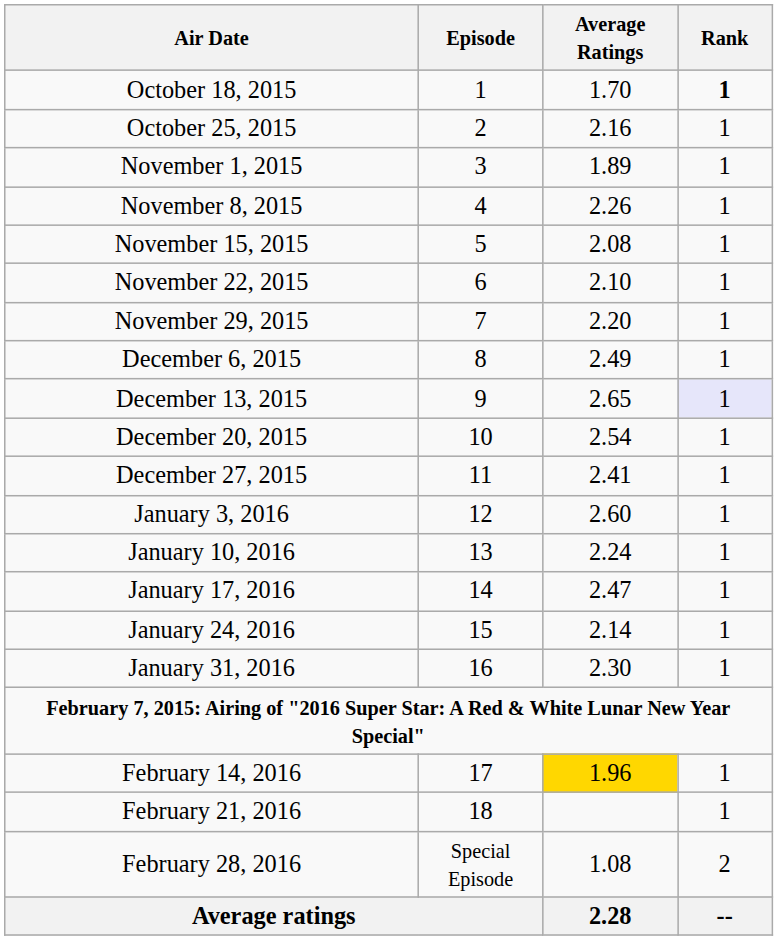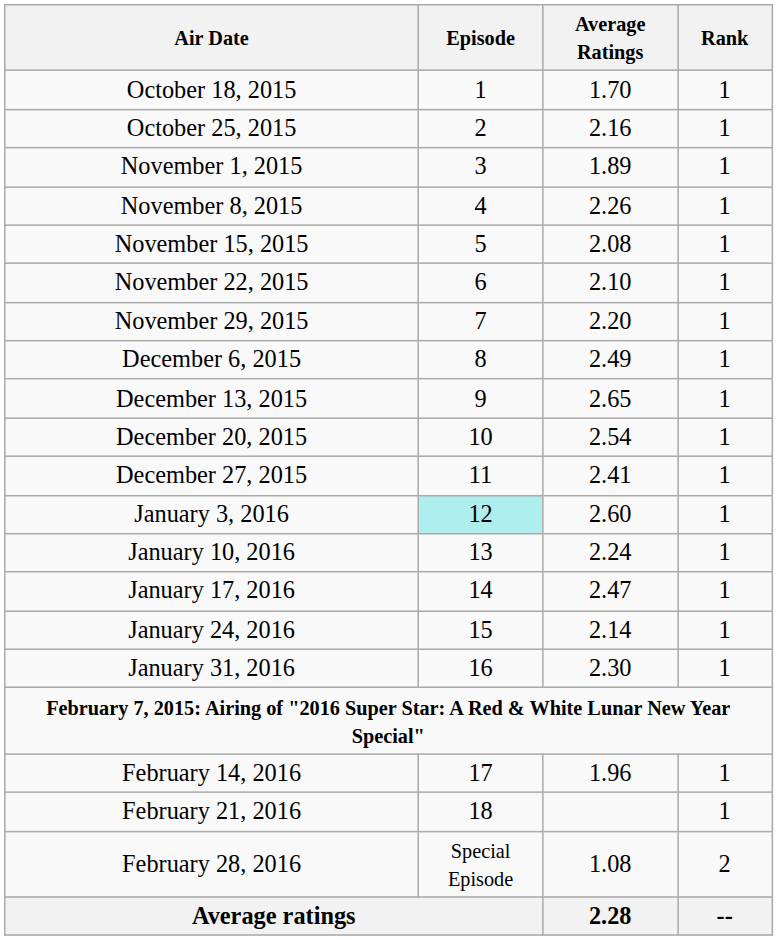 <table class="wikitable" style="text-align:center; width:40%;">
 <tr>
 <th width="25%"><small>Air Date</small></th>
 <th width="5%"><small>Episode</small></th>
 <th width="6%"><small>Average Ratings</small></th>
 <th width="4%"><small>Rank</small></th>
 </tr>
 <tr>
 <td>October 18, 2015</td>
 <td>1</td>
 <td>1.70</td>
-<td><strong>1</strong></td>
+<td>1</td>
 </tr>
 <tr>
 <td>October 25, 2015</td>
 <td>2</td>
 <td>2.16</td>
 <td>1</td>
 </tr>
 <tr>
 <td>November 1, 2015</td>
 <td>3</td>
 <td>1.89</td>
 <td>1</td>
 </tr>
 <tr>
 <td>November 8, 2015</td>
 <td>4</td>
 <td>2.26</td>
 <td>1</td>
 </tr>
 <tr>
 <td>November 15, 2015</td>
 <td>5</td>
 <td>2.08</td>
 <td>1</td>
 </tr>
 <tr>
 <td>November 22, 2015</td>
 <td>6</td>
 <td>2.10</td>
 <td>1</td>
 </tr>
 <tr>
 <td>November 29, 2015</td>
 <td>7</td>
 <td>2.20</td>
 <td>1</td>
 </tr>
 <tr>
 <td>December 6, 2015</td>
 <td>8</td>
 <td>2.49</td>
 <td>1</td>
 </tr>
 <tr>
 <td>December 13, 2015</td>
 <td>9</td>
 <td>2.65</td>
-<td style="background: lavender;">1</td>
+<td>1</td>
 </tr>
 <tr>
 <td>December 20, 2015</td>
 <td>10</td>
 <td>2.54</td>
 <td>1</td>
 </tr>
 <tr>
 <td>December 27, 2015</td>
 <td>11</td>
 <td>2.41</td>
 <td>1</td>
 </tr>
 <tr>
 <td>January 3, 2016</td>
-<td>12</td>
+<td style="background: paleturquoise;">12</td>
 <td>2.60</td>
 <td>1</td>
 </tr>
 <tr>
 <td>January 10, 2016</td>
 <td>13</td>
 <td>2.24</td>
 <td>1</td>
 </tr>
 <tr>
 <td>January 17, 2016</td>
 <td>14</td>
 <td>2.47</td>
 <td>1</td>
 </tr>
 <tr>
 <td>January 24, 2016</td>
 <td>15</td>
 <td>2.14</td>
 <td>1</td>
 </tr>
 <tr>
 <td>January 31, 2016</td>
 <td>16</td>
 <td>2.30</td>
 <td>1</td>
 </tr>
 <tr>
 <td colspan="4"><strong><small>February 7, 2015: Airing of "2016 Super Star: A Red & White Lunar New Year Special"</small></strong></td>
 </tr>
 <tr>
 <td>February 14, 2016</td>
 <td>17</td>
-<td style="background: gold;">1.96</td>
+<td>1.96</td>
 <td>1</td>
 </tr>
 <tr>
 <td>February 21, 2016</td>
 <td>18</td>
 <td><strong></strong></td>
 <td>1</td>
 </tr>
 <tr>
 <td>February 28, 2016</td>
 <td><small>Special Episode</small></td>
 <td>1.08</td>
 <td>2</td>
 </tr>
 <tr>
 <th colspan="2"><strong>Average ratings</strong></th>
 <th><strong>2.28</strong></th>
 <th>--</th>
 </tr>
 </table>
